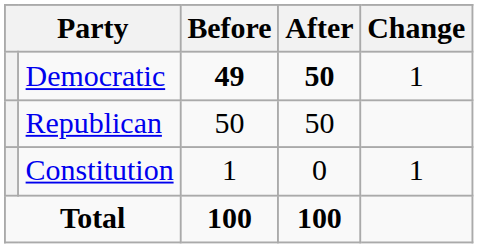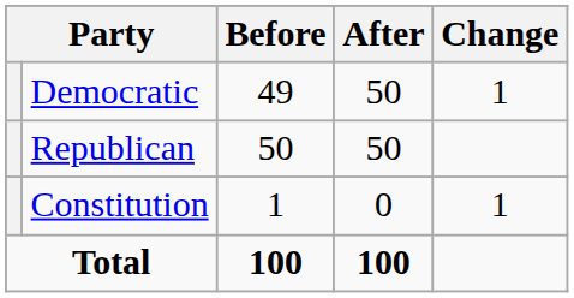 <table class="wikitable" style="text-align:center;">
 <tr>
 <th colspan="2">Party</th>
 <th>Before</th>
 <th>After</th>
 <th>Change</th>
 </tr>
 <tr>
 <th style="background-color:"></th>
 <td style="text-align:left;"><a href='#'>Democratic</a></td>
-<td><strong>49</strong></td>
-<td><strong>50</strong></td>
+<td>49</td>
+<td>50</td>
 <td> 1</td>
 </tr>
 <tr>
 <th style="background-color:"></th>
 <td style="text-align:left;"><a href='#'>Republican</a></td>
 <td>50</td>
 <td>50</td>
 <td></td>
 </tr>
 <tr>
 <th style="background-color:"></th>
 <td style="text-align:left;"><a href='#'>Constitution</a></td>
 <td>1</td>
 <td>0</td>
 <td> 1</td>
 </tr>
 <tr>
 <td colspan="2"><strong>Total</strong></td>
 <td><strong>100</strong></td>
 <td><strong>100</strong></td>
 <td></td>
 </tr>
 </table>
